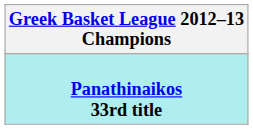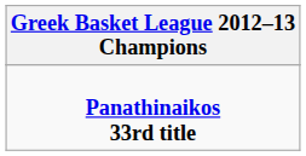 <table class="wikitable" style="text-align: center; margin: 0 auto">
 <tr>
 <th><a href='#'>Greek Basket League</a> 2012–13<br>Champions</th>
 </tr>
 <tr>
 </tr>
 <tr>
-<td style="background: paleturquoise;"><br><strong><a href='#'>Panathinaikos</a></strong><br><strong>33rd title</strong></td>
+<td><br><strong><a href='#'>Panathinaikos</a></strong><br><strong>33rd title</strong></td>
 </tr>
 </table>
